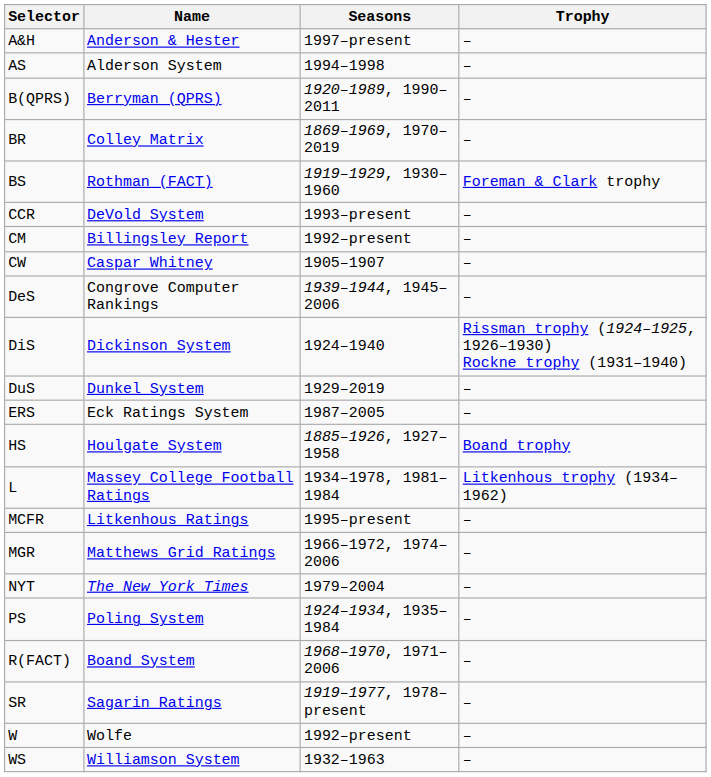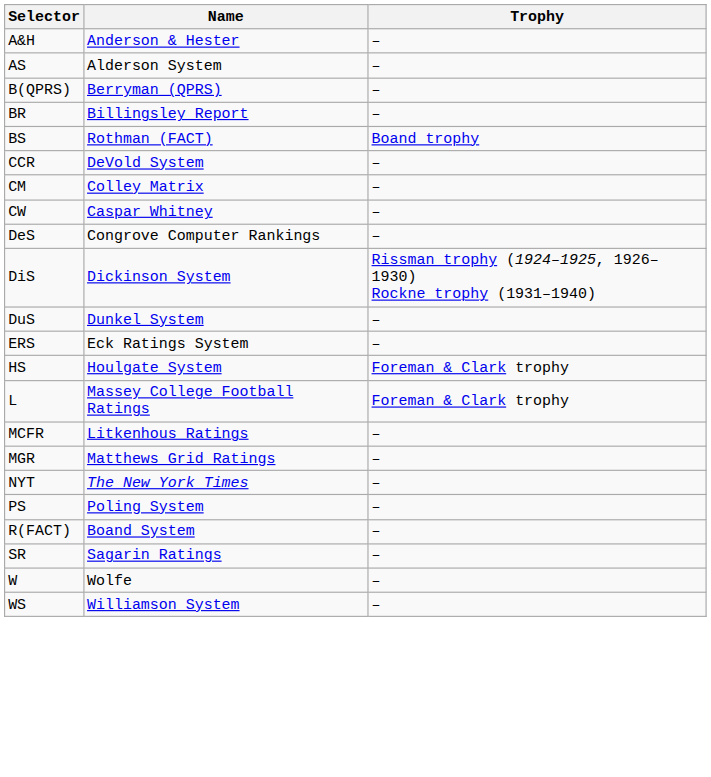 <table class="wikitable">
 <tr>
 <th width=px>Selector</th>
 <th width=px>Name</th>
-<th width=px>Seasons</th>
 <th width=px>Trophy</th>
 </tr>
 <tr>
 <td>A&H</td>
 <td><a href='#'>Anderson & Hester</a></td>
-<td>1997–present</td>
 <td>–</td>
 </tr>
 <tr>
 <td>AS</td>
 <td>Alderson System</td>
-<td>1994–1998</td>
 <td>–</td>
 </tr>
 <tr>
 <td>B(QPRS)</td>
 <td><a href='#'>Berryman (QPRS)</a></td>
-<td><em>1920–1989</em>, 1990–2011</td>
 <td>–</td>
 </tr>
 <tr>
 <td>BR</td>
-<td><a href='#'>Colley Matrix</a></td>
-<td><em>1869–1969</em>, 1970–2019</td>
+<td><a href='#'>Billingsley Report</a></td>
 <td>–</td>
 </tr>
 <tr>
 <td>BS</td>
 <td><a href='#'>Rothman (FACT)</a></td>
-<td><em>1919–1929</em>, 1930–1960</td>
-<td><a href='#'>Foreman & Clark</a> trophy</td>
+<td><a href='#'>Boand trophy</a></td>
 </tr>
 <tr>
 <td>CCR</td>
 <td><a href='#'>DeVold System</a></td>
-<td>1993–present</td>
 <td>–</td>
 </tr>
 <tr>
 <td>CM</td>
-<td><a href='#'>Billingsley Report</a></td>
-<td>1992–present</td>
+<td><a href='#'>Colley Matrix</a></td>
 <td>–</td>
 </tr>
 <tr>
 <td>CW</td>
 <td><a href='#'>Caspar Whitney</a></td>
-<td>1905–1907</td>
 <td>–</td>
 </tr>
 <tr>
 <td>DeS</td>
 <td>Congrove Computer Rankings</td>
-<td><em>1939–1944</em>, 1945–2006</td>
 <td>–</td>
 </tr>
 <tr>
 <td>DiS</td>
 <td><a href='#'>Dickinson System</a></td>
-<td>1924–1940</td>
 <td><a href='#'>Rissman trophy</a> (<em>1924–1925</em>, 1926–1930)<br><a href='#'>Rockne trophy</a> (1931–1940)</td>
 </tr>
 <tr>
 <td>DuS</td>
 <td><a href='#'>Dunkel System</a></td>
-<td>1929–2019</td>
 <td>–</td>
 </tr>
 <tr>
 <td>ERS</td>
 <td>Eck Ratings System</td>
-<td>1987–2005</td>
 <td>–</td>
 </tr>
 <tr>
 <td>HS</td>
 <td><a href='#'>Houlgate System</a></td>
-<td><em>1885–1926</em>, 1927–1958</td>
-<td><a href='#'>Boand trophy</a></td>
+<td><a href='#'>Foreman & Clark</a> trophy</td>
 </tr>
 <tr>
 <td>L</td>
 <td><a href='#'>Massey College Football Ratings</a></td>
-<td>1934–1978, 1981–1984</td>
-<td><a href='#'>Litkenhous trophy</a> (1934–1962)</td>
+<td><a href='#'>Foreman & Clark</a> trophy</td>
 </tr>
 <tr>
 <td>MCFR</td>
 <td><a href='#'>Litkenhous Ratings</a></td>
-<td>1995–present</td>
 <td>–</td>
 </tr>
 <tr>
 <td>MGR</td>
 <td><a href='#'>Matthews Grid Ratings</a></td>
-<td>1966–1972, 1974–2006</td>
 <td>–</td>
 </tr>
 <tr>
 <td>NYT</td>
 <td><em><a href='#'>The New York Times</a></em></td>
-<td>1979–2004</td>
 <td>–</td>
 </tr>
 <tr>
 <td>PS</td>
 <td><a href='#'>Poling System</a></td>
-<td><em>1924–1934</em>, 1935–1984</td>
 <td>–</td>
 </tr>
 <tr>
 <td>R(FACT)</td>
 <td><a href='#'>Boand System</a></td>
-<td><em>1968–1970</em>, 1971–2006</td>
 <td>–</td>
 </tr>
 <tr>
 <td>SR</td>
 <td><a href='#'>Sagarin Ratings</a></td>
-<td><em>1919–1977</em>, 1978–present</td>
 <td>–</td>
 </tr>
 <tr>
 <td>W</td>
 <td>Wolfe</td>
-<td>1992–present</td>
 <td>–</td>
 </tr>
 <tr>
 <td>WS</td>
 <td><a href='#'>Williamson System</a></td>
-<td>1932–1963</td>
 <td>–</td>
 </tr>
 </table>
